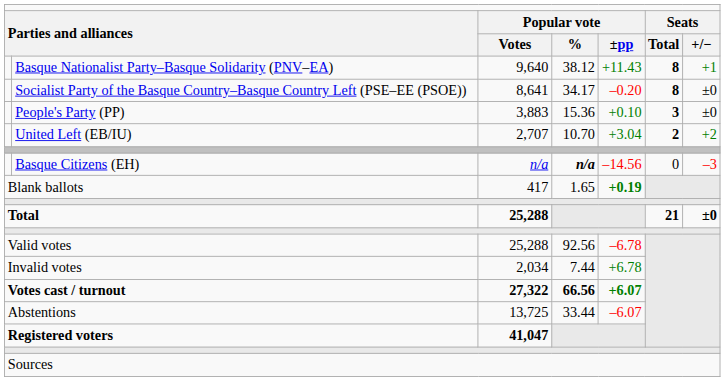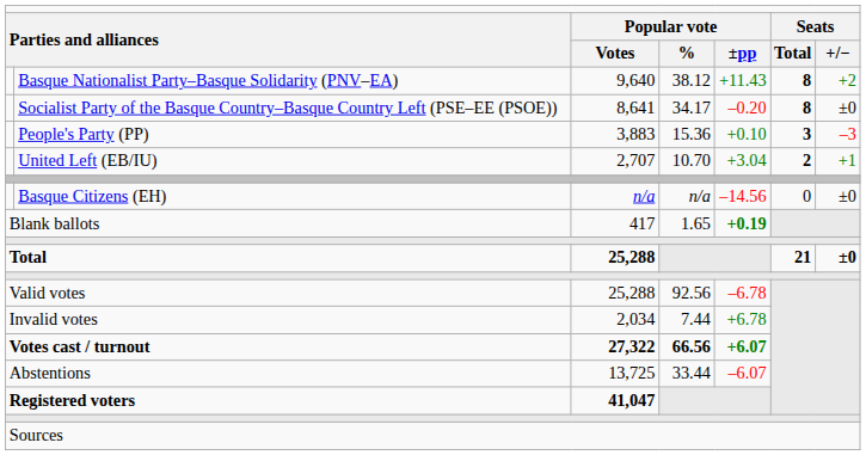 <table class="wikitable" style="text-align:right;">
 <tr>
 <td colspan="7"></td>
 </tr>
 <tr>
 <th style="text-align:left;" rowspan="2" colspan="2" width="525">Parties and alliances</th>
 <th colspan="3">Popular vote</th>
 <th colspan="2">Seats</th>
 </tr>
 <tr>
 <th width="75">Votes</th>
 <th width="45">%</th>
 <th width="45">±<a href='#'>pp</a></th>
 <th width="35">Total</th>
 <th width="35">+/−</th>
 </tr>
 <tr>
 <td width="1" style="color:inherit;background:"></td>
 <td align="left"><a href='#'>Basque Nationalist Party–Basque Solidarity</a> (<a href='#'>PNV</a>–<a href='#'>EA</a>)</td>
 <td>9,640</td>
 <td>38.12</td>
 <td style="color:green;">+11.43</td>
 <td><strong>8</strong></td>
-<td style="color:green;">+1</td>
+<td style="color:green;">+2</td>
 </tr>
 <tr>
 <td style="color:inherit;background:"></td>
 <td align="left"><a href='#'>Socialist Party of the Basque Country–Basque Country Left</a> (PSE–EE (PSOE))</td>
 <td>8,641</td>
 <td>34.17</td>
 <td style="color:red;">–0.20</td>
 <td><strong>8</strong></td>
 <td>±0</td>
 </tr>
 <tr>
 <td style="color:inherit;background:"></td>
 <td align="left"><a href='#'>People's Party</a> (PP)</td>
 <td>3,883</td>
 <td>15.36</td>
 <td style="color:green;">+0.10</td>
 <td><strong>3</strong></td>
-<td>±0</td>
+<td style="color:red;">–3</td>
 </tr>
 <tr>
 <td style="color:inherit;background:"></td>
 <td align="left"><a href='#'>United Left</a> (EB/IU)</td>
 <td>2,707</td>
 <td>10.70</td>
 <td style="color:green;">+3.04</td>
 <td><strong>2</strong></td>
-<td style="color:green;">+2</td>
+<td style="color:green;">+1</td>
 </tr>
 <tr>
 <td colspan="7" style="color:inherit;background:#C0C0C0"></td>
 </tr>
 <tr>
 <td style="color:inherit;background:"></td>
 <td align="left"><a href='#'>Basque Citizens</a> (EH)</td>
 <td><em><a href='#'>n/a</a></em></td>
-<td><strong><em>n/a</em></strong></td>
+<td><em>n/a</em></td>
 <td style="color:red;">–14.56</td>
 <td>0</td>
-<td style="color:red;">–3</td>
+<td>±0</td>
 </tr>
 <tr>
 <td align="left" colspan="2">Blank ballots</td>
 <td>417</td>
 <td>1.65</td>
 <td style="color:green;"><strong>+0.19</strong></td>
 <td style="color:inherit;background:#E9E9E9" colspan="2"></td>
 </tr>
 <tr>
 <td colspan="7" style="color:inherit;background:#E9E9E9"></td>
 </tr>
 <tr style="font-weight:bold;">
 <td align="left" colspan="2">Total</td>
 <td>25,288</td>
 <td bgcolor="#E9E9E9" colspan="2"></td>
 <td>21</td>
 <td>±0</td>
 </tr>
 <tr>
 <td colspan="7" style="color:inherit;background:#E9E9E9"></td>
 </tr>
 <tr>
 <td align="left" colspan="2">Valid votes</td>
 <td>25,288</td>
 <td>92.56</td>
 <td style="color:red;">–6.78</td>
 <td bgcolor="#E9E9E9" colspan="2" rowspan="5"></td>
 </tr>
 <tr>
 <td align="left" colspan="2">Invalid votes</td>
 <td>2,034</td>
 <td>7.44</td>
 <td style="color:green;">+6.78</td>
 </tr>
 <tr style="font-weight:bold;">
 <td align="left" colspan="2">Votes cast / turnout</td>
 <td>27,322</td>
 <td>66.56</td>
 <td style="color:green;">+6.07</td>
 </tr>
 <tr>
 <td align="left" colspan="2">Abstentions</td>
 <td>13,725</td>
 <td>33.44</td>
 <td style="color:red;">–6.07</td>
 </tr>
 <tr style="font-weight:bold;">
 <td align="left" colspan="2">Registered voters</td>
 <td>41,047</td>
 <td bgcolor="#E9E9E9" colspan="2"></td>
 </tr>
 <tr>
 <td colspan="7" style="color:inherit;background:#E9E9E9"></td>
 </tr>
 <tr>
 <td align="left" colspan="7">Sources</td>
 </tr>
 </table>
